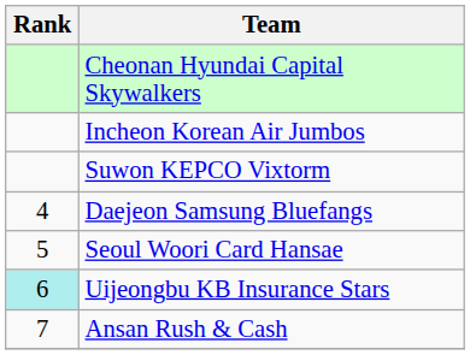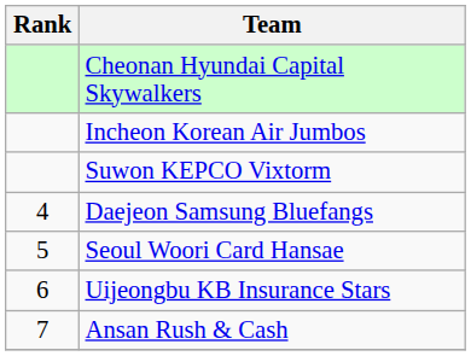 <table class="wikitable" style="text-align: center;">
 <tr>
 <th width=40>Rank</th>
 <th width=240>Team</th>
 </tr>
 <tr bgcolor=#ccffcc>
 <td></td>
 <td align=left><a href='#'>Cheonan Hyundai Capital Skywalkers</a></td>
 </tr>
 <tr>
 <td></td>
 <td align=left><a href='#'>Incheon Korean Air Jumbos</a></td>
 </tr>
 <tr>
 <td></td>
 <td align=left><a href='#'>Suwon KEPCO Vixtorm</a></td>
 </tr>
 <tr>
 <td>4</td>
 <td align=left><a href='#'>Daejeon Samsung Bluefangs</a></td>
 </tr>
 <tr>
 <td>5</td>
 <td align=left><a href='#'>Seoul Woori Card Hansae</a></td>
 </tr>
 <tr>
-<td style="background: paleturquoise;">6</td>
+<td>6</td>
 <td align=left><a href='#'>Uijeongbu KB Insurance Stars</a></td>
 </tr>
 <tr>
 <td>7</td>
 <td align=left><a href='#'>Ansan Rush & Cash</a></td>
 </tr>
 <tr>
 </tr>
 </table>
